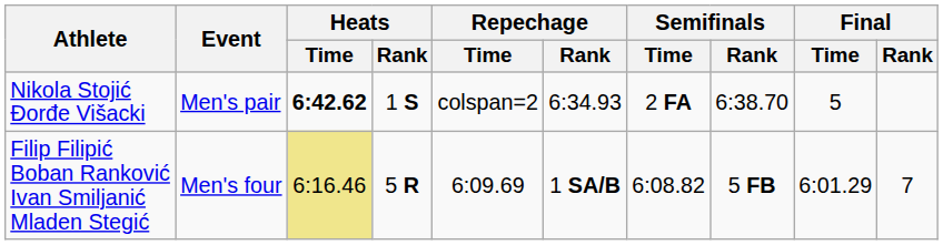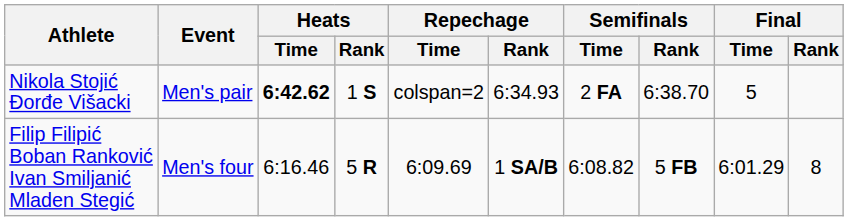 <table class="wikitable" style="font-size:90%">
 <tr>
 <th rowspan="2">Athlete</th>
 <th rowspan="2">Event</th>
 <th colspan="2">Heats</th>
 <th colspan="2">Repechage</th>
 <th colspan="2">Semifinals</th>
 <th colspan="2">Final</th>
 </tr>
 <tr style="font-size:95%">
 <th>Time</th>
 <th>Rank</th>
 <th>Time</th>
 <th>Rank</th>
 <th>Time</th>
 <th>Rank</th>
 <th>Time</th>
 <th>Rank</th>
 </tr>
 <tr align=center>
 <td align=left><a href='#'>Nikola Stojić</a><br><a href='#'>Đorđe Višacki</a></td>
 <td align=left><a href='#'>Men's pair</a></td>
 <td><strong>6:42.62</strong></td>
 <td>1 <strong>S</strong></td>
 <td>colspan=2 </td>
 <td>6:34.93</td>
 <td>2 <strong>FA</strong></td>
 <td>6:38.70</td>
 <td>5</td>
 </tr>
 <tr align=center>
 <td align=left><a href='#'>Filip Filipić</a><br><a href='#'>Boban Ranković</a><br><a href='#'>Ivan Smiljanić</a><br> <a href='#'>Mladen Stegić</a></td>
 <td align=left><a href='#'>Men's four</a></td>
-<td style="background: khaki;">6:16.46</td>
+<td>6:16.46</td>
 <td>5 <strong>R</strong></td>
 <td>6:09.69</td>
 <td>1 <strong>SA/B</strong></td>
 <td>6:08.82</td>
 <td>5 <strong>FB</strong></td>
 <td>6:01.29</td>
-<td>7</td>
+<td>8</td>
 </tr>
 </table>
